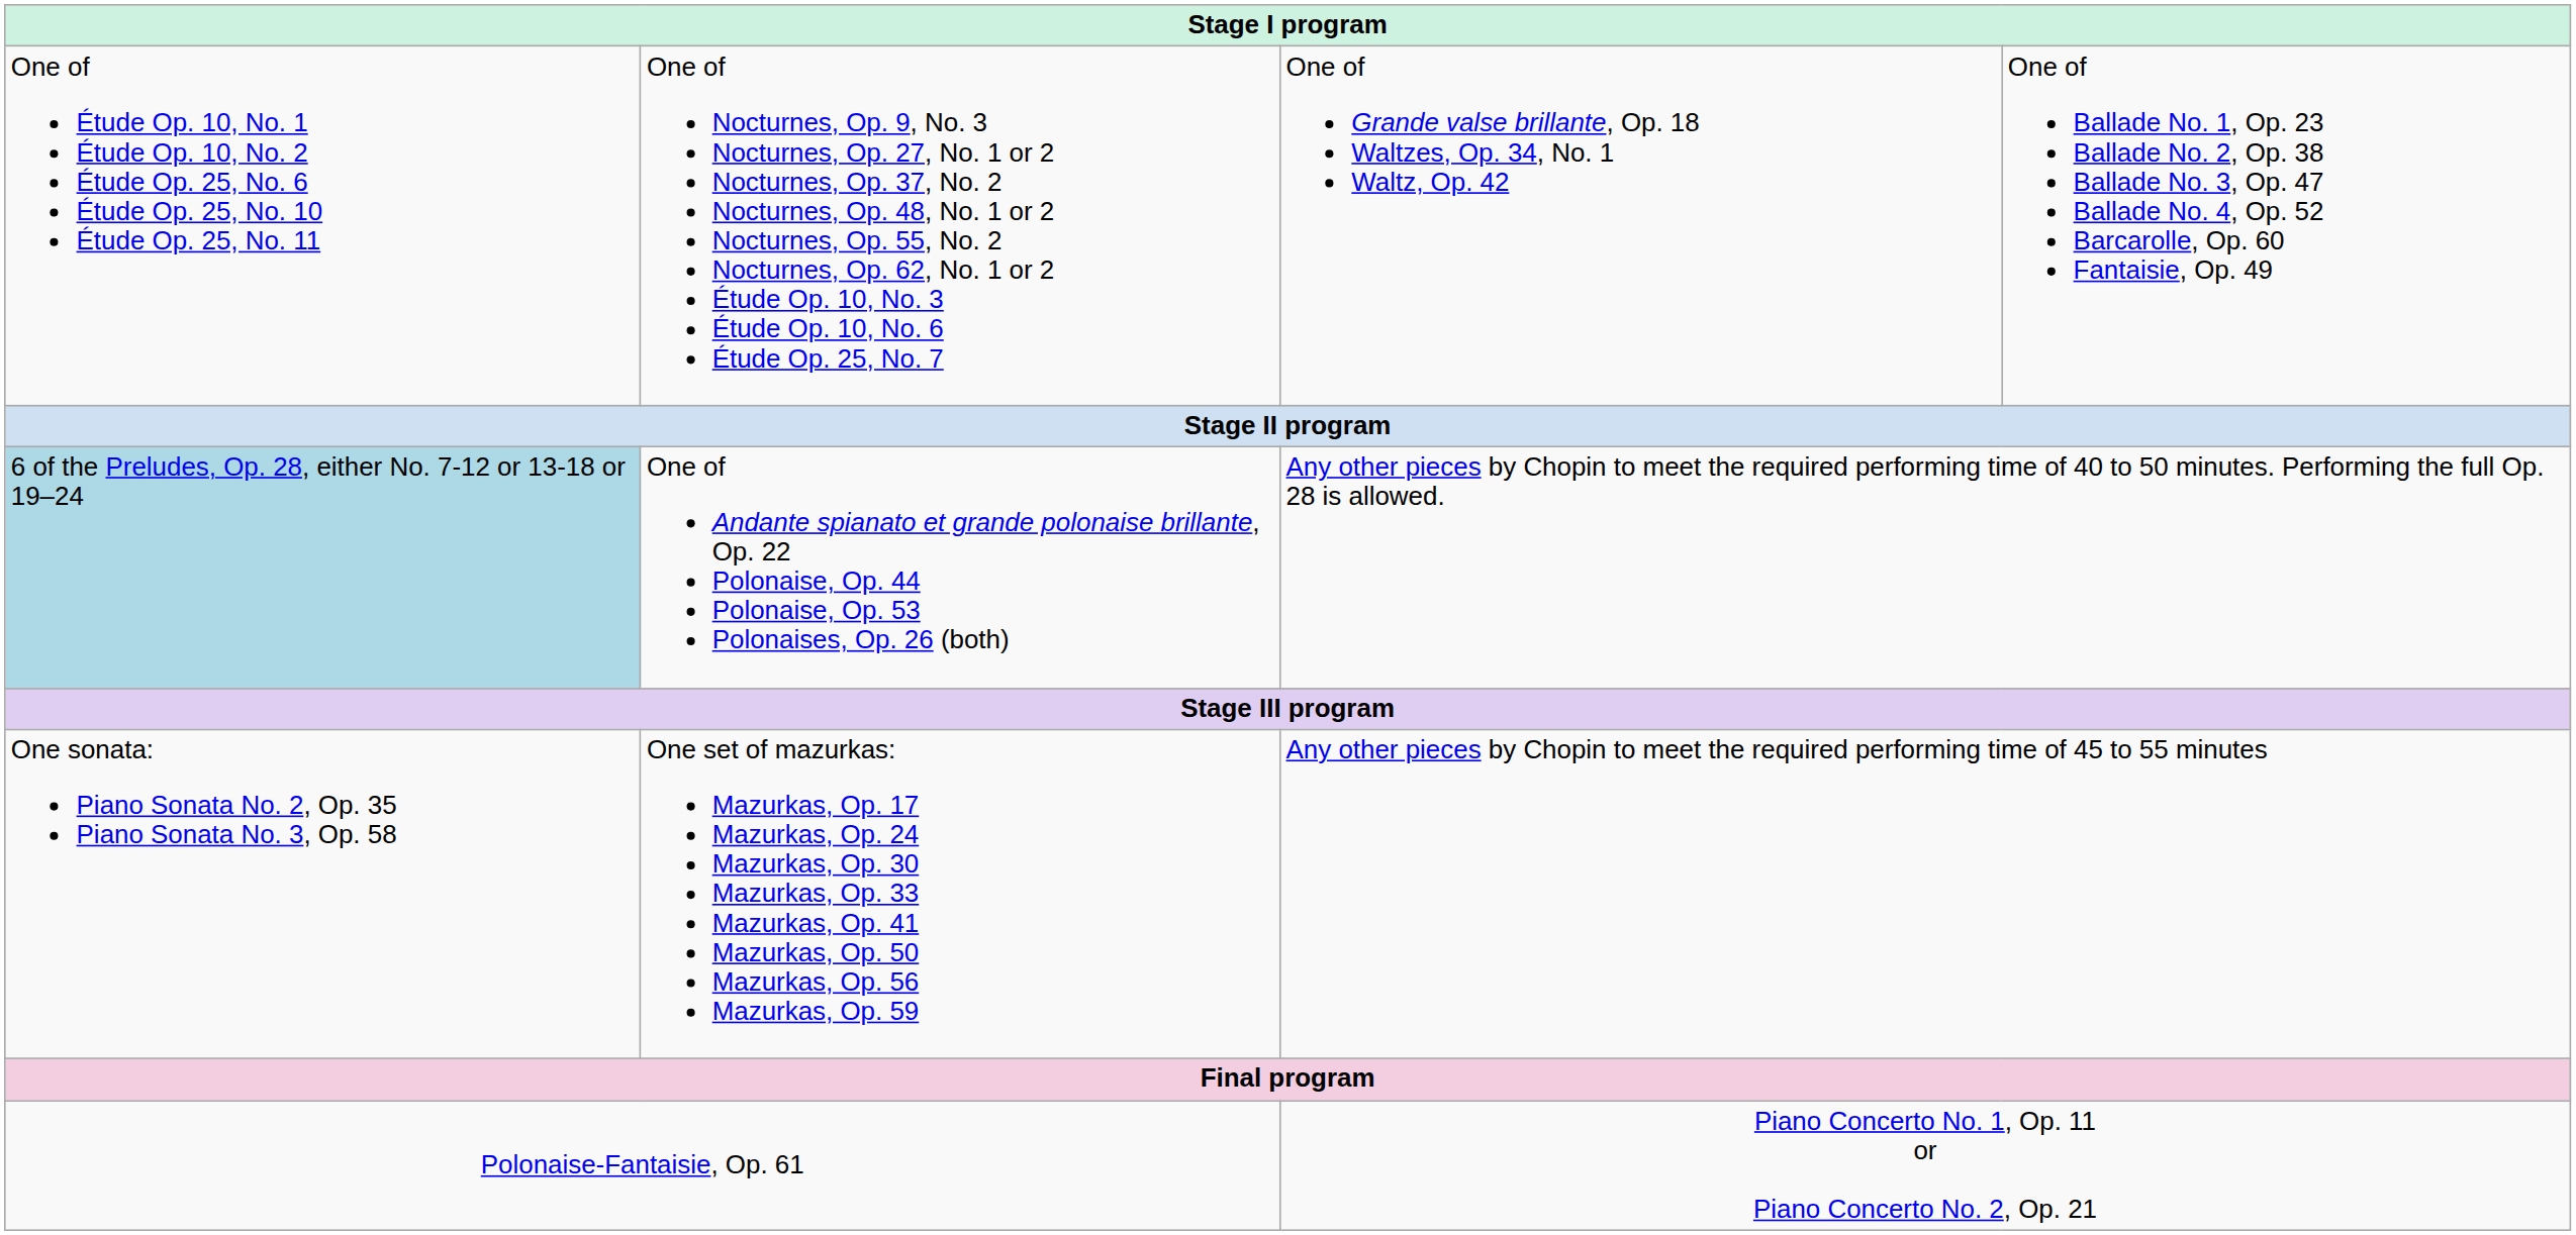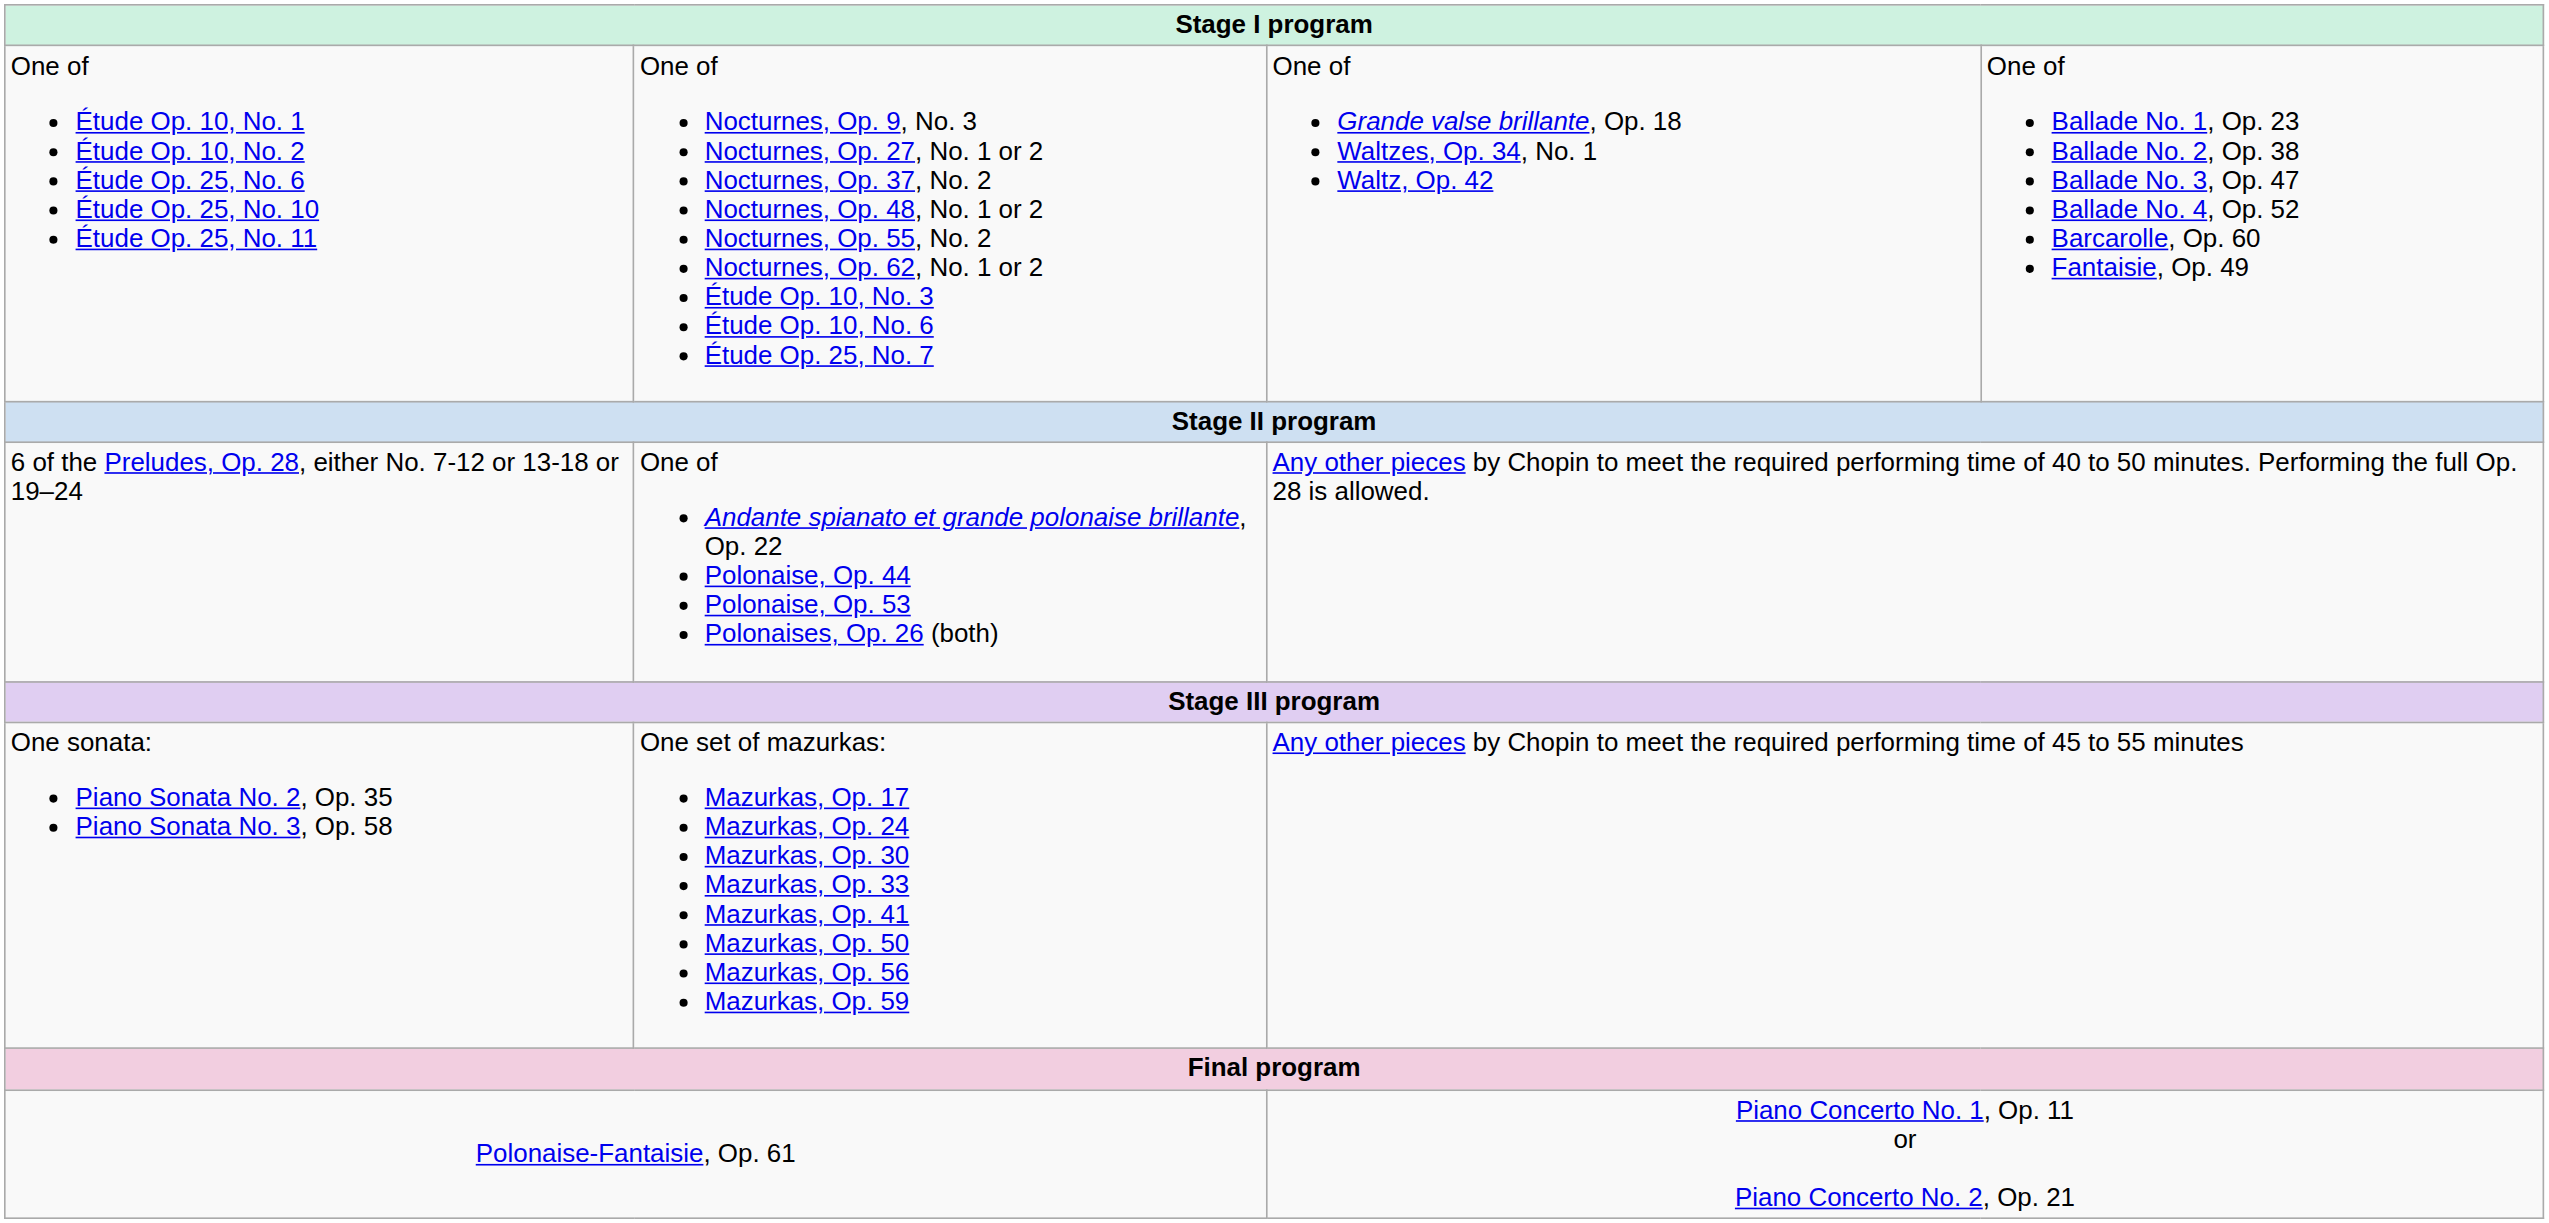 <table class="wikitable mw-collapsible">
 <tr>
 <th colspan="4" style="background: #CEF2E0">Stage I program</th>
 </tr>
 <tr style="vertical-align: top;">
 <td style="min-width: 11em;">One of<br><ul><li><a href='#'>Étude Op. 10, No. 1</a></li><li><a href='#'>Étude Op. 10, No. 2</a></li><li><a href='#'>Étude Op. 25, No. 6</a></li><li><a href='#'>Étude Op. 25, No. 10</a></li><li><a href='#'>Étude Op. 25, No. 11</a></li></ul></td>
 <td style="min-width: 11em;">One of<br><ul><li><a href='#'>Nocturnes, Op. 9</a>, No. 3</li><li><a href='#'>Nocturnes, Op. 27</a>, No. 1 or 2</li><li><a href='#'>Nocturnes, Op. 37</a>, No. 2</li><li><a href='#'>Nocturnes, Op. 48</a>, No. 1 or 2</li><li><a href='#'>Nocturnes, Op. 55</a>, No. 2</li><li><a href='#'>Nocturnes, Op. 62</a>, No. 1 or 2</li><li><a href='#'>Étude Op. 10, No. 3</a></li><li><a href='#'>Étude Op. 10, No. 6</a></li><li><a href='#'>Étude Op. 25, No. 7</a></li></ul></td>
 <td style="min-width: 11em;">One of<br><ul><li><a href='#'><em>Grande valse brillante</em></a>, Op. 18</li><li><a href='#'>Waltzes, Op. 34</a>, No. 1</li><li><a href='#'>Waltz, Op. 42</a></li></ul></td>
 <td style="min-width: 11em;">One of<br><ul><li><a href='#'>Ballade No. 1</a>, Op. 23</li><li><a href='#'>Ballade No. 2</a>, Op. 38</li><li><a href='#'>Ballade No. 3</a>, Op. 47</li><li><a href='#'>Ballade No. 4</a>, Op. 52</li><li><a href='#'>Barcarolle</a>, Op. 60</li><li><a href='#'>Fantaisie</a>, Op. 49</li></ul></td>
 </tr>
 <tr>
 <th colspan="4" style="background: #CEE0F2">Stage II program</th>
 </tr>
 <tr style="vertical-align: top;">
-<td style="background: lightblue;">6 of the <a href='#'>Preludes, Op. 28</a>, either No. 7-12 or 13-18 or 19–24</td>
+<td>6 of the <a href='#'>Preludes, Op. 28</a>, either No. 7-12 or 13-18 or 19–24</td>
 <td>One of<br><ul><li><em><a href='#'>Andante spianato et grande polonaise brillante</a></em>, Op. 22</li><li><a href='#'>Polonaise, Op. 44</a></li><li><a href='#'>Polonaise, Op. 53</a></li><li><a href='#'>Polonaises, Op. 26</a> (both)</li></ul></td>
 <td colspan="2"><a href='#'>Any other pieces</a> by Chopin to meet the required performing time of 40 to 50 minutes. Performing the full Op. 28 is allowed.</td>
 </tr>
 <tr>
 <th colspan="4" style="background: #E0CEF2">Stage III program</th>
 </tr>
 <tr style="vertical-align: top;">
 <td>One sonata:<br><ul><li><a href='#'>Piano Sonata No. 2</a>, Op. 35</li><li><a href='#'>Piano Sonata No. 3</a>, Op. 58</li></ul></td>
 <td>One set of mazurkas:<br><ul><li><a href='#'>Mazurkas, Op. 17</a></li><li><a href='#'>Mazurkas, Op. 24</a></li><li><a href='#'>Mazurkas, Op. 30</a></li><li><a href='#'>Mazurkas, Op. 33</a></li><li><a href='#'>Mazurkas, Op. 41</a></li><li><a href='#'>Mazurkas, Op. 50</a></li><li><a href='#'>Mazurkas, Op. 56</a></li><li><a href='#'>Mazurkas, Op. 59</a></li></ul></td>
 <td colspan="2"><a href='#'>Any other pieces</a> by Chopin to meet the required performing time of 45 to 55 minutes</td>
 </tr>
 <tr>
 <th colspan="4" style="background: #F2CEE0">Final program</th>
 </tr>
 <tr>
 <td colspan="2" align="center"><a href='#'>Polonaise-Fantaisie</a>, Op. 61</td>
 <td colspan="2" align="center"><a href='#'>Piano Concerto No. 1</a>, Op. 11<br>or<br><br><a href='#'>Piano Concerto No. 2</a>, Op. 21</td>
 </tr>
 </table>
